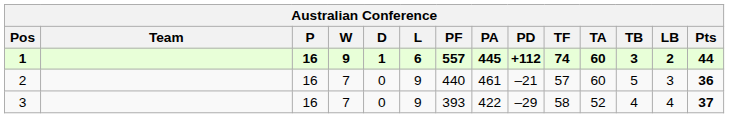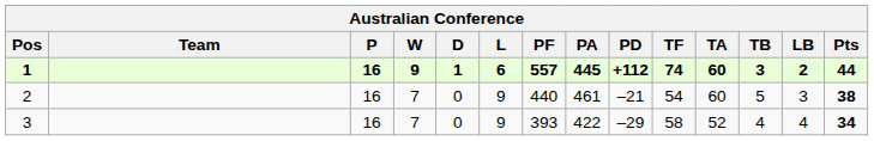 <table class="wikitable" style="text-align:center; font-size:90%; width:60%;">
 <tr>
 <th colspan="100%" cellpadding="0" cellspacing="0">Australian Conference</th>
 </tr>
 <tr>
 <th style="width:5%;">Pos</th>
 <th style="width:35%;">Team</th>
 <th style="width:5%;">P</th>
 <th style="width:5%;">W</th>
 <th style="width:5%;">D</th>
 <th style="width:5%;">L</th>
 <th style="width:5%;">PF</th>
 <th style="width:5%;">PA</th>
 <th style="width:5%;">PD</th>
 <th style="width:5%;">TF</th>
 <th style="width:5%;">TA</th>
 <th style="width:5%;">TB</th>
 <th style="width:5%;">LB</th>
 <th style="width:5%;">Pts<br></th>
 </tr>
 <tr style="background:#E8FFD8;">
 <td><strong>1</strong></td>
 <td style="text-align:left;"><strong></strong></td>
 <td><strong>16</strong></td>
 <td><strong>9</strong></td>
 <td><strong>1</strong></td>
 <td><strong>6</strong></td>
 <td><strong>557</strong></td>
 <td><strong>445</strong></td>
 <td><strong>+112</strong></td>
 <td><strong>74</strong></td>
 <td><strong>60</strong></td>
 <td><strong>3</strong></td>
 <td><strong>2</strong></td>
 <td><strong>44</strong></td>
 </tr>
 <tr>
 <td>2</td>
 <td style="text-align:left;"></td>
 <td>16</td>
 <td>7</td>
 <td>0</td>
 <td>9</td>
 <td>440</td>
 <td>461</td>
 <td>–21</td>
-<td>57</td>
+<td>54</td>
 <td>60</td>
 <td>5</td>
 <td>3</td>
-<td><strong>36</strong></td>
+<td><strong>38</strong></td>
 </tr>
 <tr>
 <td>3</td>
 <td style="text-align:left;"></td>
 <td>16</td>
 <td>7</td>
 <td>0</td>
 <td>9</td>
 <td>393</td>
 <td>422</td>
 <td>–29</td>
 <td>58</td>
 <td>52</td>
 <td>4</td>
 <td>4</td>
-<td><strong>37</strong></td>
+<td><strong>34</strong></td>
 </tr>
 </table>
